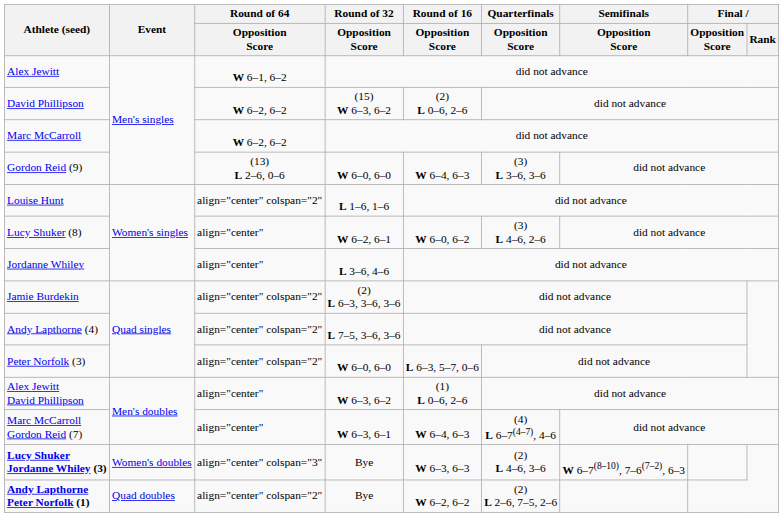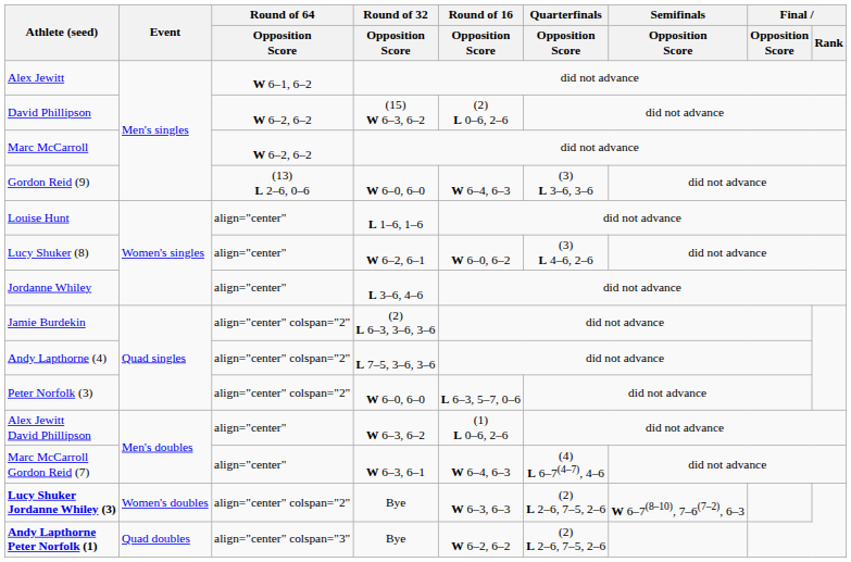 <table class=wikitable style="font-size:90%">
 <tr>
 <th rowspan="2">Athlete (seed)</th>
 <th rowspan="2">Event</th>
 <th>Round of 64</th>
 <th>Round of 32</th>
 <th>Round of 16</th>
 <th>Quarterfinals</th>
 <th>Semifinals</th>
 <th colspan="2">Final / </th>
 </tr>
 <tr>
 <th>Opposition<br>Score</th>
 <th>Opposition<br>Score</th>
 <th>Opposition<br>Score</th>
 <th>Opposition<br>Score</th>
 <th>Opposition<br>Score</th>
 <th>Opposition<br>Score</th>
 <th>Rank</th>
 </tr>
 <tr>
 <td><a href='#'>Alex Jewitt</a></td>
 <td rowspan="4"><a href='#'>Men's singles</a></td>
 <td align="center"><br><strong>W</strong> 6–1, 6–2</td>
 <td align="center" colspan=6>did not advance</td>
 </tr>
 <tr>
 <td><a href='#'>David Phillipson</a></td>
 <td align="center"><br><strong>W</strong> 6–2, 6–2</td>
 <td align="center"> (15)<br><strong>W</strong> 6–3, 6–2</td>
 <td align="center"> (2)<br><strong>L</strong> 0–6, 2–6</td>
 <td align="center" colspan=4>did not advance</td>
 </tr>
 <tr>
 <td><a href='#'>Marc McCarroll</a></td>
 <td align="center"><br><strong>W</strong> 6–2, 6–2</td>
 <td align="center" colspan=6>did not advance</td>
 </tr>
 <tr>
 <td><a href='#'>Gordon Reid</a> (9)</td>
 <td align="center"> (13)<br><strong>L</strong> 2–6, 0–6</td>
 <td align="center"><br><strong>W</strong> 6–0, 6–0</td>
 <td align="center"><br><strong>W</strong> 6–4, 6–3</td>
 <td align="center"> (3)<br><strong>L</strong> 3–6, 3–6</td>
 <td align="center" colspan=3>did not advance</td>
 </tr>
 <tr>
 <td><a href='#'>Louise Hunt</a></td>
 <td rowspan="3"><a href='#'>Women's singles</a></td>
-<td>align="center" colspan="2" </td>
+<td>align="center" </td>
 <td align="center"><br><strong>L</strong> 1–6, 1–6</td>
 <td align="center" colspan=5>did not advance</td>
 </tr>
 <tr>
 <td><a href='#'>Lucy Shuker</a> (8)</td>
 <td>align="center" </td>
 <td align="center"><br><strong>W</strong> 6–2, 6–1</td>
 <td align="center"><br><strong>W</strong> 6–0, 6–2</td>
 <td align="center"> (3)<br><strong>L</strong> 4–6, 2–6</td>
 <td align="center" colspan=3>did not advance</td>
 </tr>
 <tr>
 <td><a href='#'>Jordanne Whiley</a></td>
 <td>align="center" </td>
 <td align="center"><br><strong>L</strong> 3–6, 4–6</td>
 <td align="center" colspan=5>did not advance</td>
 </tr>
 <tr>
 <td><a href='#'>Jamie Burdekin</a></td>
 <td rowspan="3"><a href='#'>Quad singles</a></td>
 <td>align="center" colspan="2" </td>
 <td align="center"> (2)<br><strong>L</strong> 6–3, 3–6, 3–6</td>
 <td align="center" colspan=4>did not advance</td>
 </tr>
 <tr>
 <td><a href='#'>Andy Lapthorne</a> (4)</td>
 <td>align="center" colspan="2" </td>
 <td align="center"><br><strong>L</strong> 7–5, 3–6, 3–6</td>
 <td align="center" colspan=4>did not advance</td>
 </tr>
 <tr>
 <td><a href='#'>Peter Norfolk</a> (3)</td>
 <td>align="center" colspan="2" </td>
 <td align="center"><br><strong>W</strong> 6–0, 6–0</td>
 <td align="center"><br><strong>L</strong> 6–3, 5–7, 0–6</td>
 <td align="center" colspan=3>did not advance</td>
 </tr>
 <tr>
 <td><a href='#'>Alex Jewitt</a><br><a href='#'>David Phillipson</a></td>
 <td rowspan="2"><a href='#'>Men's doubles</a></td>
 <td>align="center" </td>
 <td align="center"><br><strong>W</strong> 6–3, 6–2</td>
 <td align="center"> (1)<br><strong>L</strong> 0–6, 2–6</td>
 <td align="center" colspan=4>did not advance</td>
 </tr>
 <tr>
 <td><a href='#'>Marc McCarroll</a><br><a href='#'>Gordon Reid</a> (7)</td>
 <td>align="center" </td>
 <td align="center"><br><strong>W</strong> 6–3, 6–1</td>
 <td align="center"><br><strong>W</strong> 6–4, 6–3</td>
 <td align="center"> (4)<br><strong>L</strong> 6–7<sup>(4–7)</sup>, 4–6</td>
 <td align="center" colspan=3>did not advance</td>
 </tr>
 <tr>
 <td><strong><a href='#'>Lucy Shuker</a><br><a href='#'>Jordanne Whiley</a> (3)</strong></td>
 <td><a href='#'>Women's doubles</a></td>
-<td>align="center" colspan="3" </td>
+<td>align="center" colspan="2" </td>
 <td align="center">Bye</td>
 <td align="center"><br><strong>W</strong> 6–3, 6–3</td>
-<td align="center"> (2)<br><strong>L</strong> 4–6, 3–6</td>
+<td align="center"> (2)<br><strong>L</strong> 2–6, 7–5, 2–6</td>
 <td align="center"><br><strong>W</strong> 6–7<sup>(8–10)</sup>, 7–6<sup>(7–2)</sup>, 6–3</td>
 <td align="center"></td>
 </tr>
 <tr>
 <td><strong><a href='#'>Andy Lapthorne</a><br><a href='#'>Peter Norfolk</a> (1)</strong></td>
 <td><a href='#'>Quad doubles</a></td>
-<td>align="center" colspan="2" </td>
+<td>align="center" colspan="3" </td>
 <td align="center">Bye</td>
 <td align="center"><br><strong>W</strong> 6–2, 6–2</td>
 <td align="center"> (2)<br><strong>L</strong> 2–6, 7–5, 2–6</td>
 <td align="center"></td>
 </tr>
 </table>
